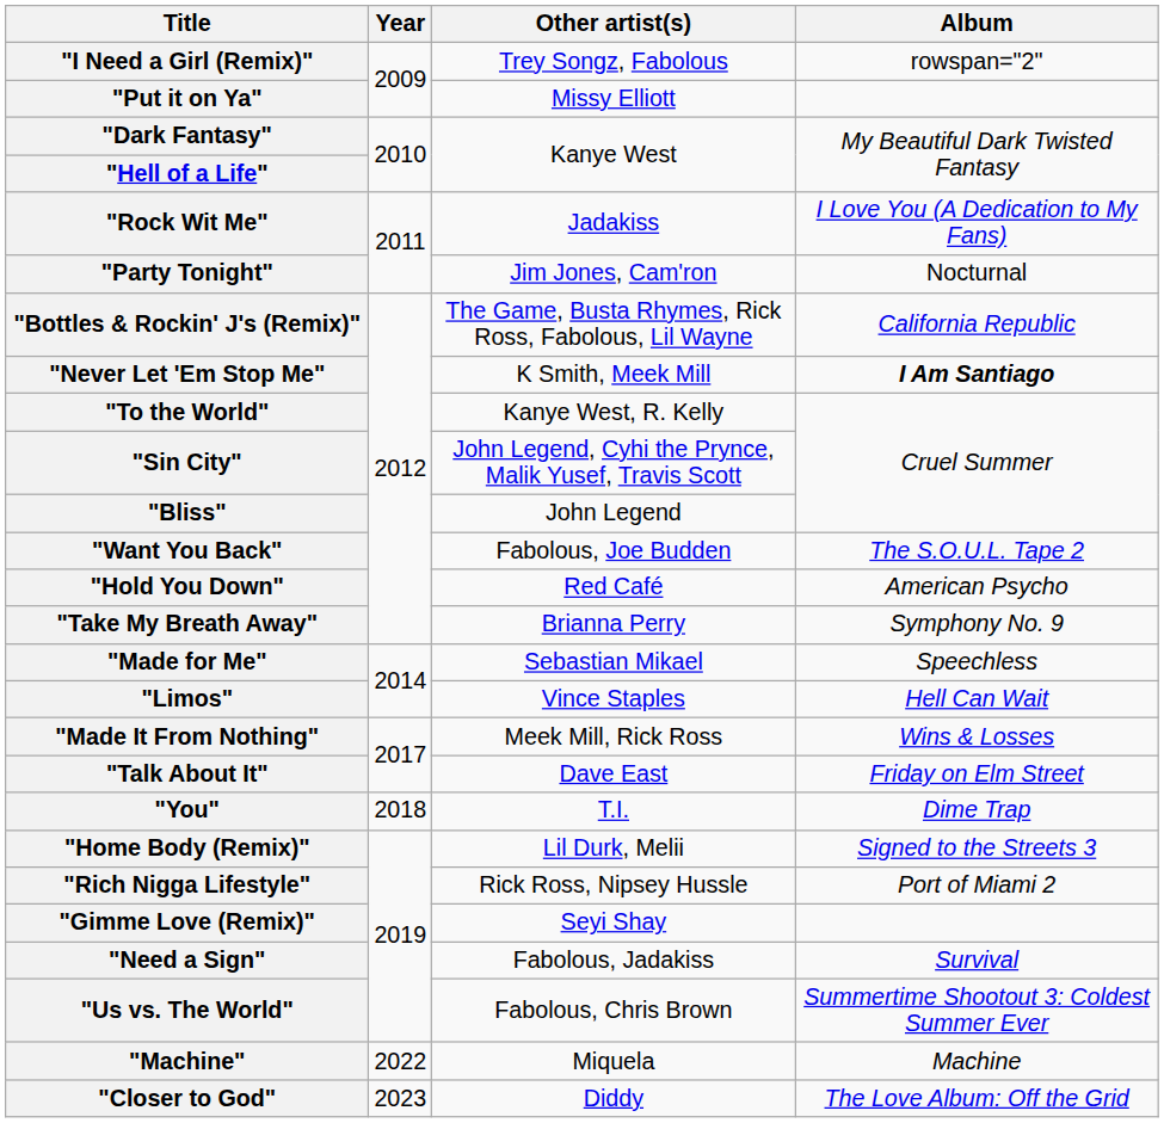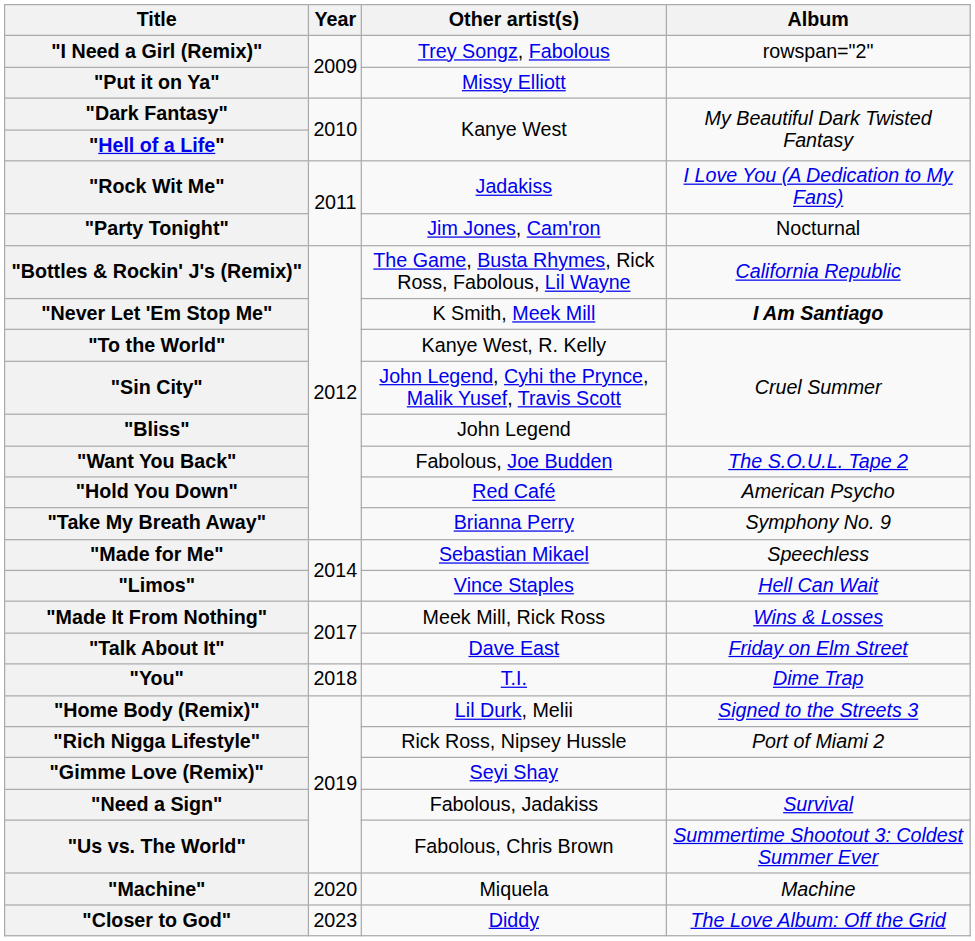 <table class="wikitable plainrowheaders" style="text-align:center;">
 <tr>
 <th scope="col" style="width:15em;">Title</th>
 <th scope="col" style="width:1em;">Year</th>
 <th scope="col" style="width:15em;">Other artist(s)</th>
 <th scope="col" style="width:15em;">Album</th>
 </tr>
 <tr>
 <th scope="row">"I Need a Girl (Remix)"</th>
 <td rowspan="2">2009</td>
 <td><a href='#'>Trey Songz</a>, <a href='#'>Fabolous</a></td>
 <td>rowspan="2" </td>
 </tr>
 <tr>
 <th scope="row">"Put it on Ya"</th>
 <td><a href='#'>Missy Elliott</a></td>
 </tr>
 <tr>
 <th scope="row">"Dark Fantasy"</th>
 <td rowspan="2">2010</td>
 <td rowspan="2">Kanye West</td>
 <td rowspan="2"><em>My Beautiful Dark Twisted Fantasy</em></td>
 </tr>
 <tr>
 <th scope="row">"<a href='#'>Hell of a Life</a>"</th>
 </tr>
 <tr>
 <th scope="row">"Rock Wit Me"</th>
 <td rowspan="2">2011</td>
 <td><a href='#'>Jadakiss</a></td>
 <td><em><a href='#'>I Love You (A Dedication to My Fans)</a></em></td>
 </tr>
 <tr>
 <th scope="row">"Party Tonight"</th>
 <td><a href='#'>Jim Jones</a>, <a href='#'>Cam'ron</a></td>
 <td>Nocturnal</td>
 </tr>
 <tr>
 <th scope="row">"Bottles & Rockin' J's (Remix)"</th>
 <td rowspan="8">2012</td>
 <td><a href='#'>The Game</a>, <a href='#'>Busta Rhymes</a>, Rick Ross, Fabolous, <a href='#'>Lil Wayne</a></td>
 <td><em><a href='#'>California Republic</a></em></td>
 </tr>
 <tr>
 <th scope="row">"Never Let 'Em Stop Me"</th>
 <td>K Smith, <a href='#'>Meek Mill</a></td>
 <td><strong><em>I Am Santiago</em></strong></td>
 </tr>
 <tr>
 <th scope="row">"To the World"</th>
 <td>Kanye West, R. Kelly</td>
 <td rowspan="3"><em>Cruel Summer</em></td>
 </tr>
 <tr>
 <th scope="row">"Sin City"</th>
 <td><a href='#'>John Legend</a>, <a href='#'>Cyhi the Prynce</a>, <a href='#'>Malik Yusef</a>, <a href='#'>Travis Scott</a></td>
 </tr>
 <tr>
 <th scope="row">"Bliss"</th>
 <td>John Legend</td>
 </tr>
 <tr>
 <th scope="row">"Want You Back"</th>
 <td>Fabolous, <a href='#'>Joe Budden</a></td>
 <td><em><a href='#'>The S.O.U.L. Tape 2</a></em></td>
 </tr>
 <tr>
 <th scope="row">"Hold You Down"</th>
 <td><a href='#'>Red Café</a></td>
 <td><em>American Psycho</em></td>
 </tr>
 <tr>
 <th scope="row">"Take My Breath Away"</th>
 <td><a href='#'>Brianna Perry</a></td>
 <td><em>Symphony No. 9</em></td>
 </tr>
 <tr>
 <th scope="row">"Made for Me"</th>
 <td rowspan="2">2014</td>
 <td><a href='#'>Sebastian Mikael</a></td>
 <td><em>Speechless</em></td>
 </tr>
 <tr>
 <th scope="row">"Limos"</th>
 <td><a href='#'>Vince Staples</a></td>
 <td><em><a href='#'>Hell Can Wait</a></em></td>
 </tr>
 <tr>
 <th scope="row">"Made It From Nothing"</th>
 <td rowspan="2">2017</td>
 <td>Meek Mill, Rick Ross</td>
 <td><em><a href='#'>Wins & Losses</a></em></td>
 </tr>
 <tr>
 <th scope="row">"Talk About It"</th>
 <td><a href='#'>Dave East</a></td>
 <td><em><a href='#'>Friday on Elm Street</a></em></td>
 </tr>
 <tr>
 <th scope="row">"You"</th>
 <td>2018</td>
 <td><a href='#'>T.I.</a></td>
 <td><em><a href='#'>Dime Trap</a></em></td>
 </tr>
 <tr>
 <th scope="row">"Home Body (Remix)"</th>
 <td rowspan="5">2019</td>
 <td><a href='#'>Lil Durk</a>, Melii</td>
 <td><em><a href='#'>Signed to the Streets 3</a></em></td>
 </tr>
 <tr>
 <th scope="row">"Rich Nigga Lifestyle"</th>
 <td>Rick Ross, Nipsey Hussle</td>
 <td><em>Port of Miami 2</em></td>
 </tr>
 <tr>
 <th scope="row">"Gimme Love (Remix)"</th>
 <td><a href='#'>Seyi Shay</a></td>
 <td></td>
 </tr>
 <tr>
 <th scope="row">"Need a Sign"</th>
 <td>Fabolous, Jadakiss</td>
 <td><em><a href='#'>Survival</a></em></td>
 </tr>
 <tr>
 <th scope="row">"Us vs. The World"</th>
 <td>Fabolous, Chris Brown</td>
 <td><em><a href='#'>Summertime Shootout 3: Coldest Summer Ever</a></em></td>
 </tr>
 <tr>
 <th scope="row">"Machine"</th>
-<td>2022</td>
+<td>2020</td>
 <td>Miquela</td>
 <td><em>Machine</em></td>
 </tr>
 <tr>
 <th scope="row">"Closer to God"</th>
 <td>2023</td>
 <td><a href='#'>Diddy</a></td>
 <td><em><a href='#'>The Love Album: Off the Grid</a></em></td>
 </tr>
 </table>
